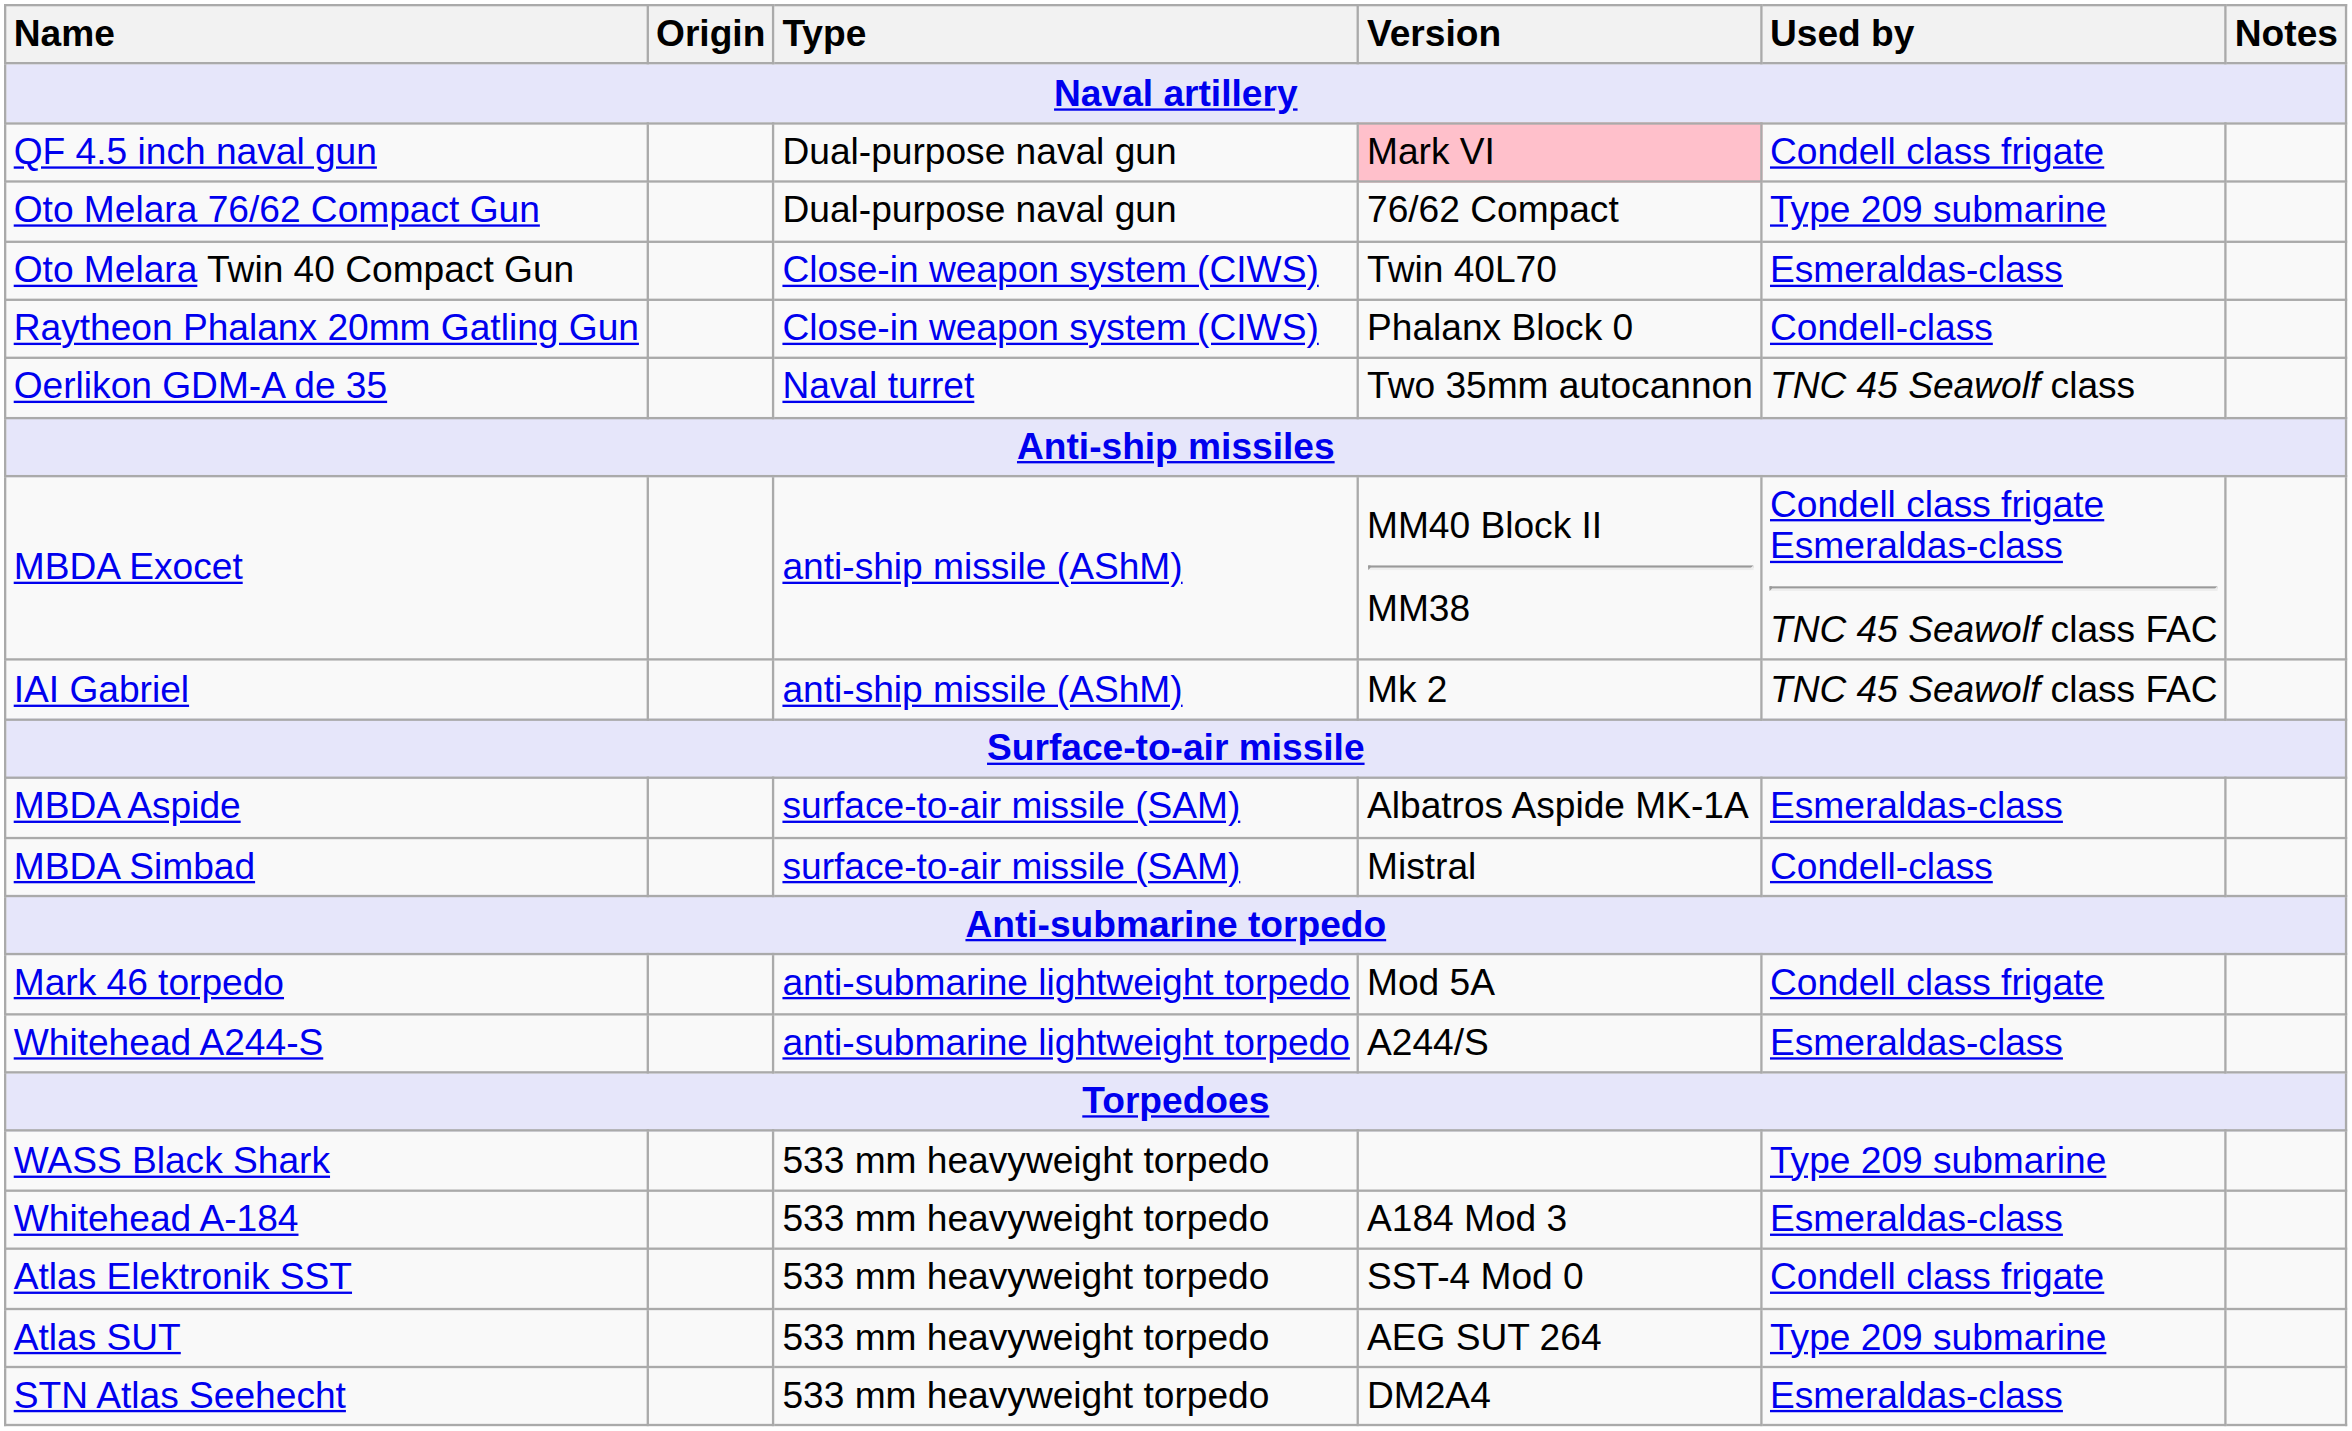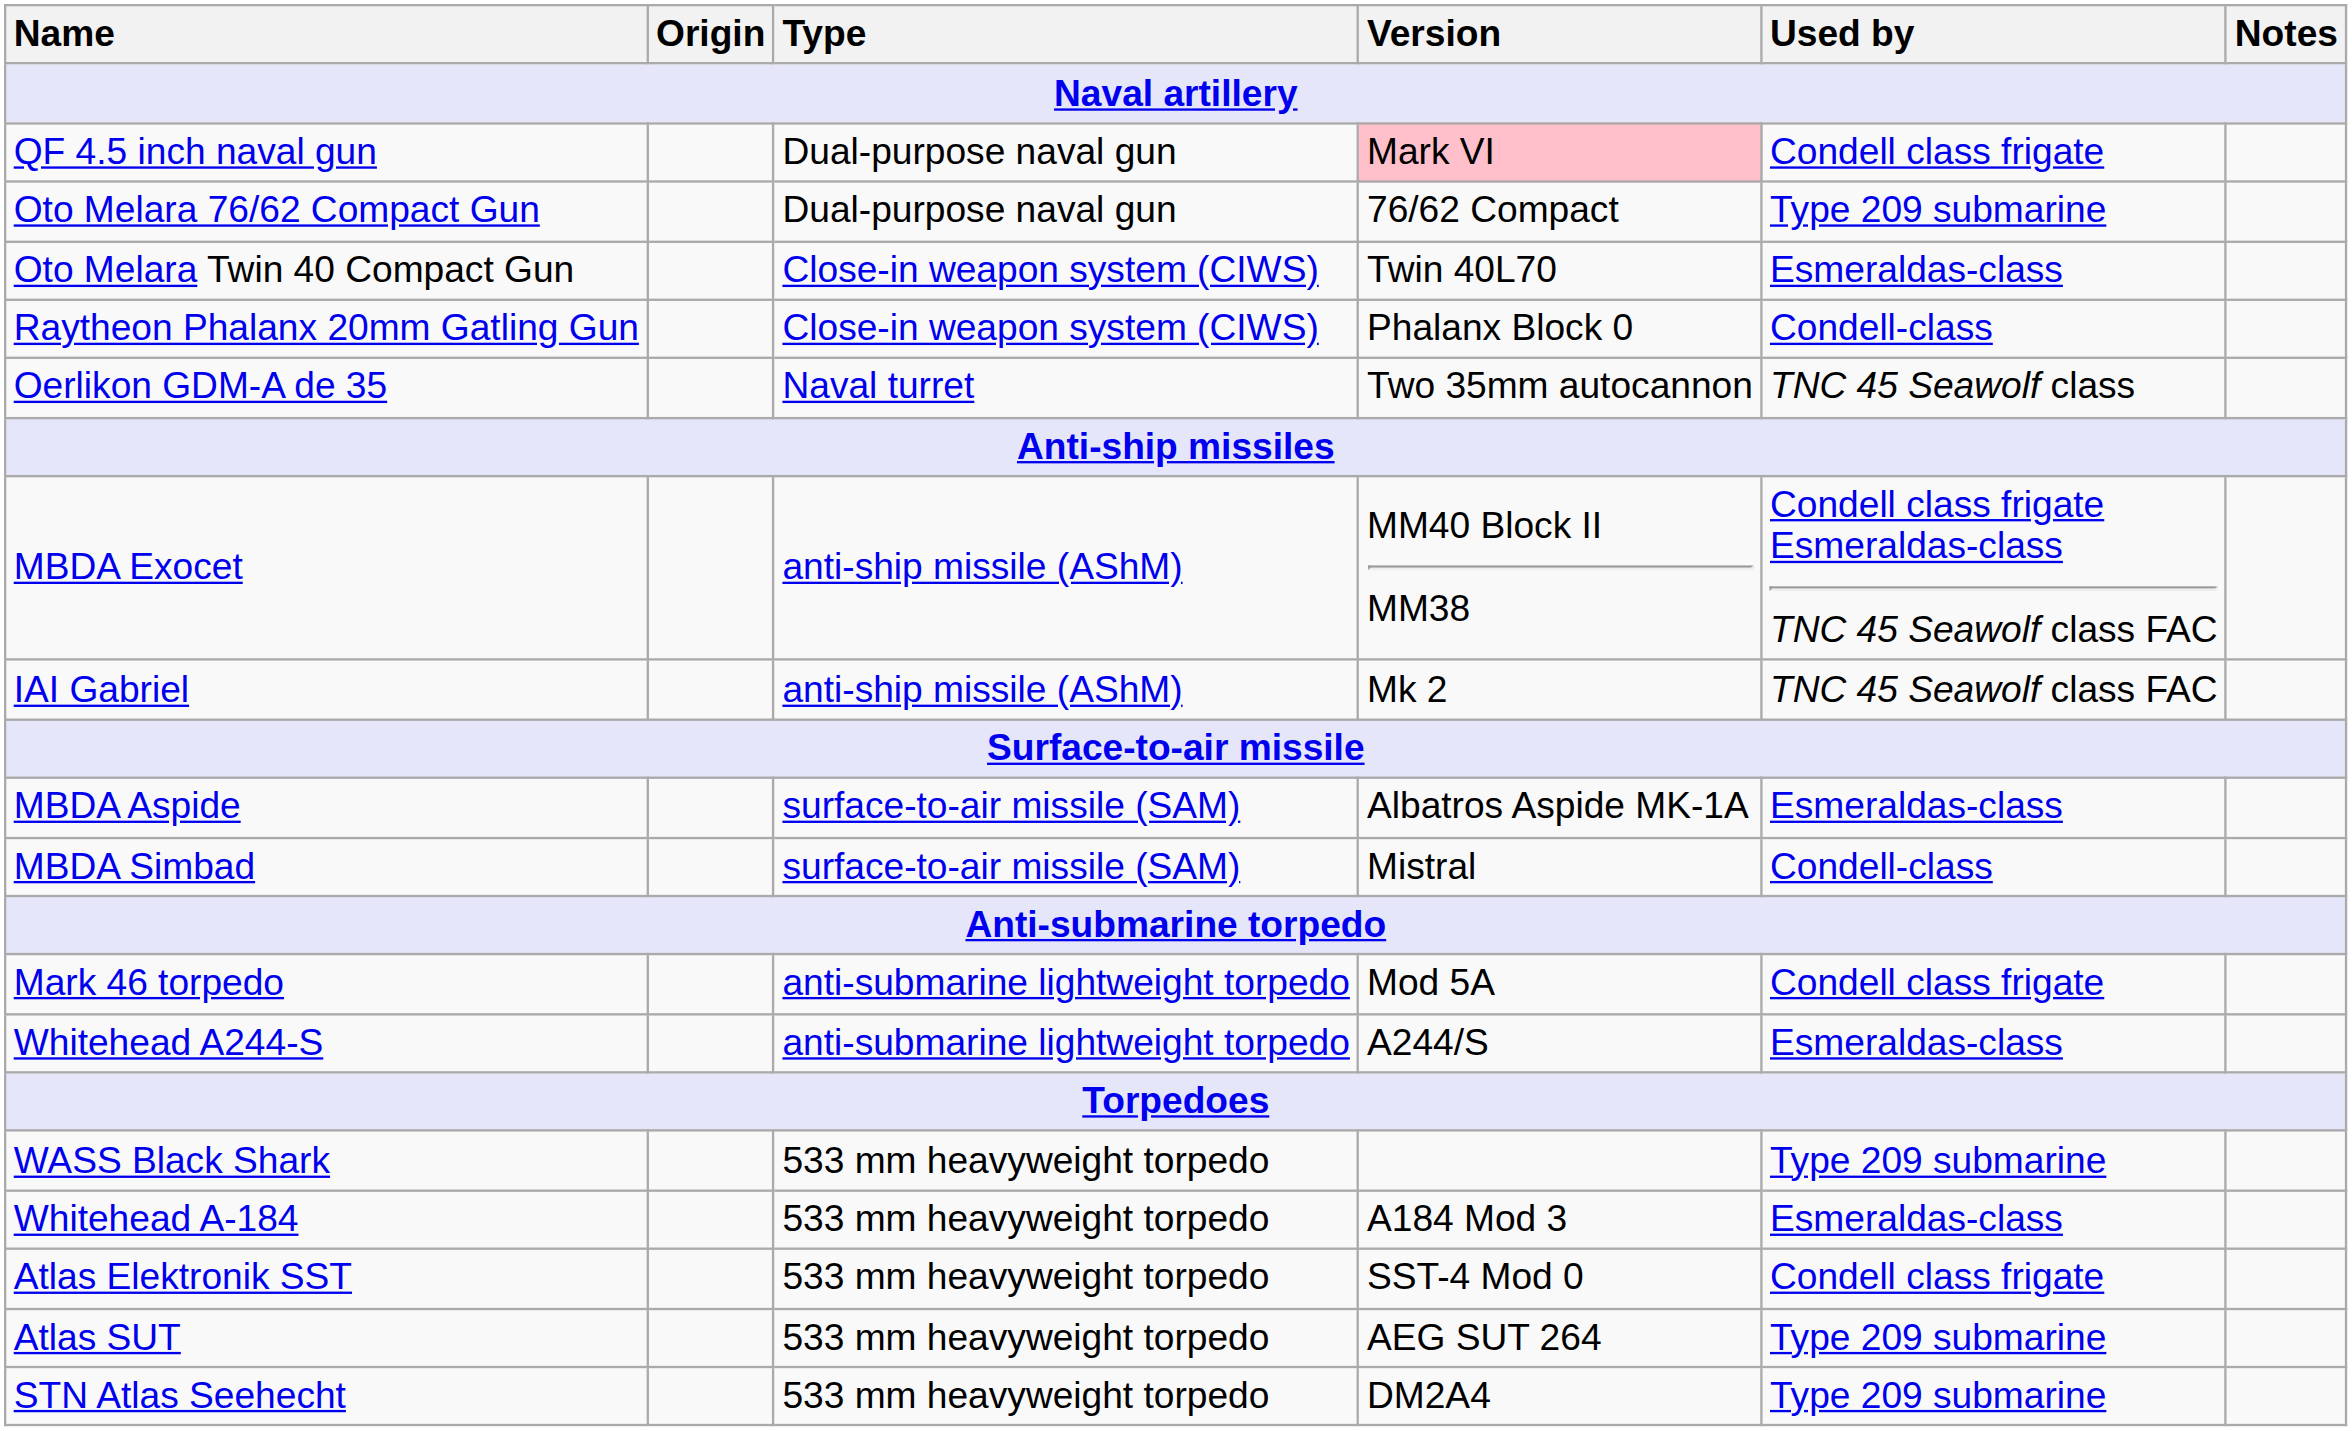 <table class="wikitable">
 <tr>
 <th style="text-align: left;">Name</th>
 <th style="text-align: left;">Origin</th>
 <th style="text-align: left;">Type</th>
 <th style="text-align: left;">Version</th>
 <th style="text-align: left;">Used by</th>
 <th style="text-align: left;">Notes</th>
 </tr>
 <tr>
 <th style="align: center; background: lavender;" colspan="7"><a href='#'>Naval artillery</a></th>
 </tr>
 <tr>
 <td><a href='#'>QF 4.5 inch naval gun</a></td>
 <td></td>
 <td>Dual-purpose naval gun</td>
 <td style="background: pink;">Mark VI</td>
 <td><a href='#'>Condell class frigate</a></td>
 <td></td>
 </tr>
 <tr>
 <td><a href='#'>Oto Melara 76/62 Compact Gun</a></td>
 <td></td>
 <td>Dual-purpose naval gun</td>
 <td>76/62 Compact</td>
 <td><a href='#'>Type 209 submarine</a></td>
 <td></td>
 </tr>
 <tr>
 <td><a href='#'>Oto Melara</a> Twin 40 Compact Gun</td>
 <td></td>
 <td><a href='#'>Close-in weapon system (CIWS)</a></td>
 <td>Twin 40L70</td>
 <td><a href='#'>Esmeraldas-class</a></td>
 <td></td>
 </tr>
 <tr>
 <td><a href='#'>Raytheon Phalanx 20mm Gatling Gun</a></td>
 <td></td>
 <td><a href='#'>Close-in weapon system (CIWS)</a></td>
 <td>Phalanx Block 0</td>
 <td><a href='#'>Condell-class</a></td>
 <td></td>
 </tr>
 <tr>
 <td><a href='#'>Oerlikon GDM-A de 35</a></td>
 <td><br></td>
 <td><a href='#'>Naval turret</a></td>
 <td>Two 35mm autocannon</td>
 <td><em>TNC 45 Seawolf</em> class</td>
 <td></td>
 </tr>
 <tr>
 <th style="align: center; background: lavender;" colspan="7"><a href='#'>Anti-ship missiles</a></th>
 </tr>
 <tr>
 <td><a href='#'>MBDA Exocet</a></td>
 <td></td>
 <td><a href='#'>anti-ship missile (AShM)</a></td>
 <td>MM40 Block II<hr>MM38</td>
 <td><a href='#'>Condell class frigate</a><br><a href='#'>Esmeraldas-class</a><hr><em>TNC 45 Seawolf</em> class FAC</td>
 <td></td>
 </tr>
 <tr>
 <td><a href='#'>IAI Gabriel</a></td>
 <td></td>
 <td><a href='#'>anti-ship missile (AShM)</a></td>
 <td>Mk 2</td>
 <td><em>TNC 45 Seawolf</em> class FAC</td>
 <td></td>
 </tr>
 <tr>
 <th style="align: center; background: lavender;" colspan="7"><a href='#'>Surface-to-air missile</a></th>
 </tr>
 <tr>
 <td><a href='#'>MBDA Aspide</a></td>
 <td></td>
 <td><a href='#'>surface-to-air missile (SAM)</a></td>
 <td>Albatros Aspide MK-1A</td>
 <td><a href='#'>Esmeraldas-class</a></td>
 <td></td>
 </tr>
 <tr>
 <td><a href='#'>MBDA Simbad</a></td>
 <td></td>
 <td><a href='#'>surface-to-air missile (SAM)</a></td>
 <td>Mistral</td>
 <td><a href='#'>Condell-class</a></td>
 <td></td>
 </tr>
 <tr>
 <th style="align: center; background: lavender;" colspan="7"><a href='#'>Anti-submarine torpedo</a></th>
 </tr>
 <tr>
 <td><a href='#'>Mark 46 torpedo</a></td>
 <td></td>
 <td><a href='#'>anti-submarine lightweight torpedo</a></td>
 <td>Mod 5A</td>
 <td><a href='#'>Condell class frigate</a></td>
 <td></td>
 </tr>
 <tr>
 <td><a href='#'>Whitehead A244-S</a></td>
 <td></td>
 <td><a href='#'>anti-submarine lightweight torpedo</a></td>
 <td>A244/S</td>
 <td><a href='#'>Esmeraldas-class</a></td>
 <td></td>
 </tr>
 <tr>
 <th style="align: center; background: lavender;" colspan="7"><a href='#'>Torpedoes</a></th>
 </tr>
 <tr>
 <td><a href='#'>WASS Black Shark</a></td>
 <td></td>
 <td>533 mm heavyweight torpedo</td>
 <td></td>
 <td><a href='#'>Type 209 submarine</a></td>
 <td></td>
 </tr>
 <tr>
 <td><a href='#'>Whitehead A-184</a></td>
 <td></td>
 <td>533 mm heavyweight torpedo</td>
 <td>A184 Mod 3</td>
 <td><a href='#'>Esmeraldas-class</a></td>
 <td></td>
 </tr>
 <tr>
 <td><a href='#'>Atlas Elektronik SST</a></td>
 <td></td>
 <td>533 mm heavyweight torpedo</td>
 <td>SST-4 Mod 0</td>
 <td><a href='#'>Condell class frigate</a></td>
 <td></td>
 </tr>
 <tr>
 <td><a href='#'>Atlas SUT</a></td>
 <td></td>
 <td>533 mm heavyweight torpedo</td>
 <td>AEG SUT 264</td>
 <td><a href='#'>Type 209 submarine</a></td>
 <td></td>
 </tr>
 <tr>
 <td><a href='#'>STN Atlas Seehecht</a></td>
 <td></td>
 <td>533 mm heavyweight torpedo</td>
 <td>DM2A4</td>
-<td><a href='#'>Esmeraldas-class</a></td>
+<td><a href='#'>Type 209 submarine</a></td>
 <td></td>
 </tr>
 </table>
